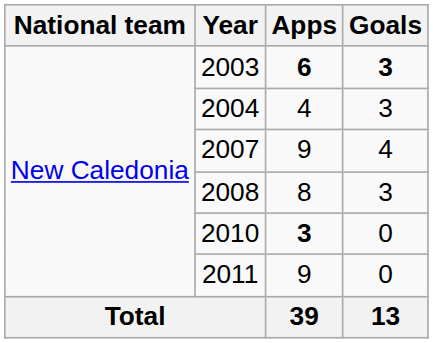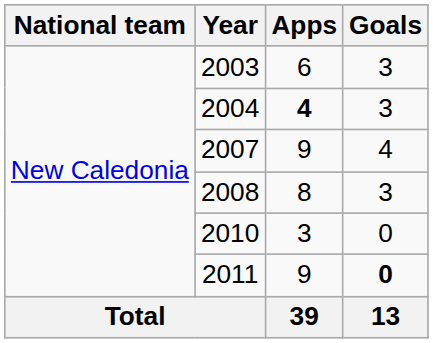 <table class="wikitable" style="text-align:center">
 <tr>
 <th>National team</th>
 <th>Year</th>
 <th>Apps</th>
 <th>Goals</th>
 </tr>
 <tr>
 <td rowspan="6"><a href='#'>New Caledonia</a></td>
 <td>2003</td>
-<td><strong>6</strong></td>
-<td><strong>3</strong></td>
+<td>6</td>
+<td>3</td>
 </tr>
 <tr>
 <td>2004</td>
-<td>4</td>
+<td><strong>4</strong></td>
 <td>3</td>
 </tr>
 <tr>
 <td>2007</td>
 <td>9</td>
 <td>4</td>
 </tr>
 <tr>
 <td>2008</td>
 <td>8</td>
 <td>3</td>
 </tr>
 <tr>
 <td>2010</td>
-<td><strong>3</strong></td>
+<td>3</td>
 <td>0</td>
 </tr>
 <tr>
 <td>2011</td>
 <td>9</td>
-<td>0</td>
+<td><strong>0</strong></td>
 </tr>
 <tr>
 <th colspan="2">Total</th>
 <th>39</th>
 <th>13</th>
 </tr>
 </table>
